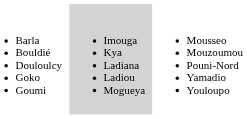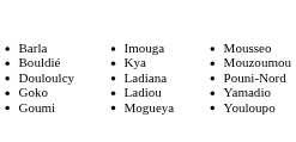 <table border="0" cellpadding="10" cellspacing="0">
 <tr>
 </tr>
 <tr valign="top">
 <td><br><ul><li>Barla</li><li>Bouldié</li><li>Douloulcy</li><li>Goko</li><li>Goumi</li></ul></td>
-<td style="background: lightgrey;"><br><ul><li>Imouga</li><li>Kya</li><li>Ladiana</li><li>Ladiou</li><li>Mogueya</li></ul></td>
+<td><br><ul><li>Imouga</li><li>Kya</li><li>Ladiana</li><li>Ladiou</li><li>Mogueya</li></ul></td>
 <td><br><ul><li>Mousseo</li><li>Mouzoumou</li><li>Pouni-Nord</li><li>Yamadio</li><li>Youloupo</li></ul></td>
 </tr>
 </table>
